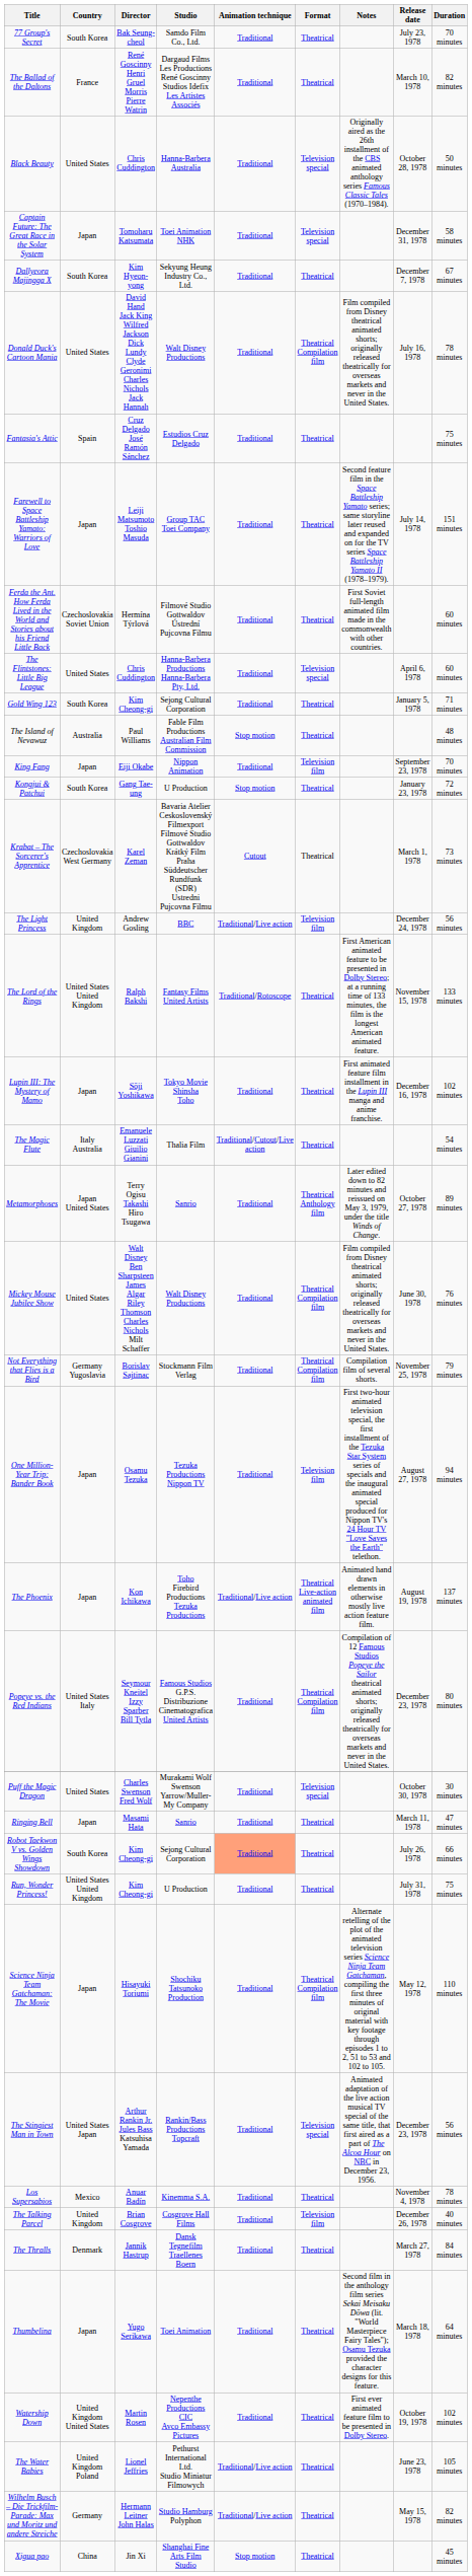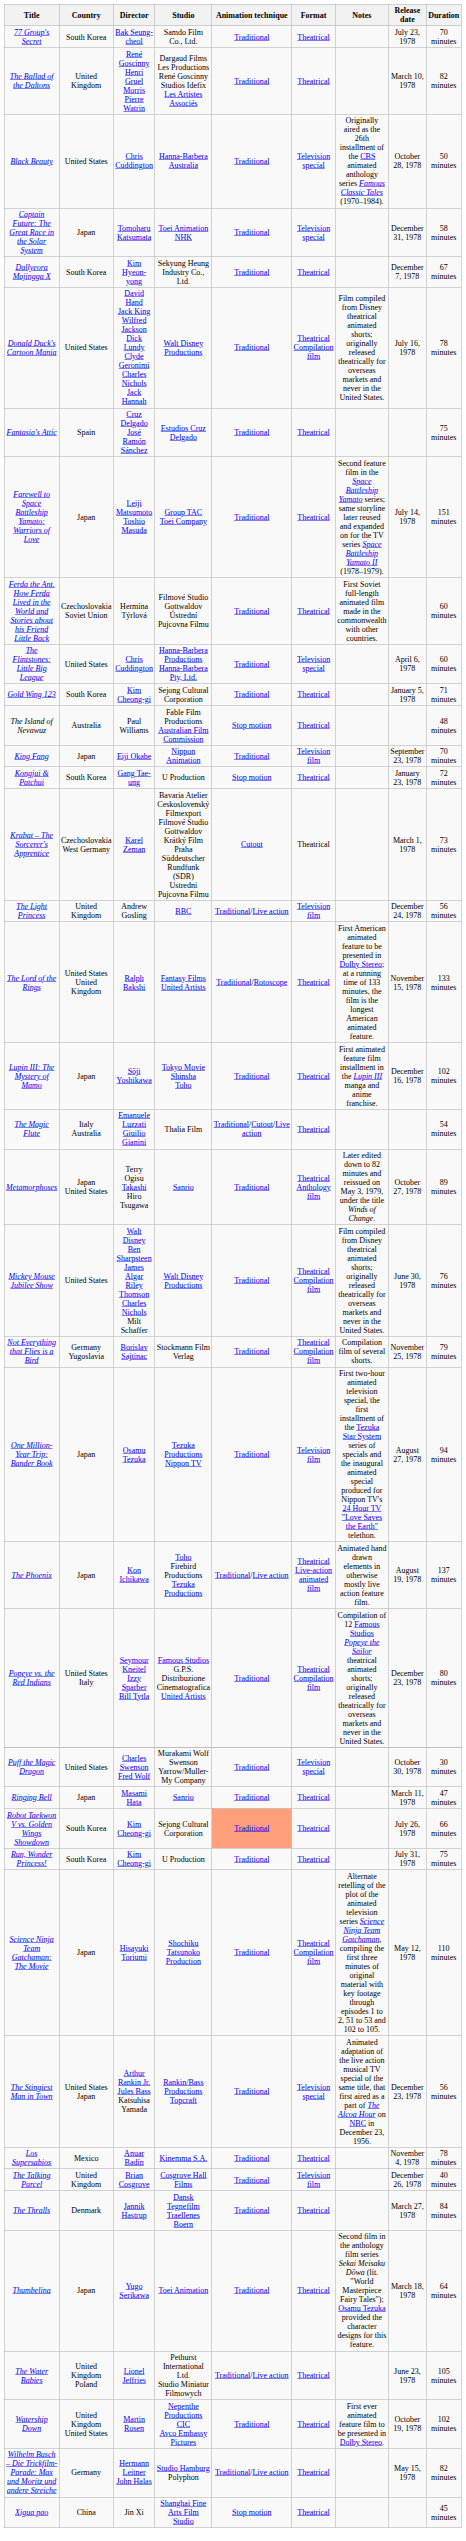 <table class="wikitable sortable" style="text-align:center; margin=auto; ">
 <tr>
 <th scope="col">Title</th>
 <th scope="col">Country</th>
 <th scope="col">Director</th>
 <th scope="col">Studio</th>
 <th scope="col">Animation technique</th>
 <th scope="col">Format</th>
 <th>Notes</th>
 <th>Release date</th>
 <th>Duration</th>
 </tr>
 <tr>
 <td><em><a href='#'>77 Group's Secret</a></em> <br> </td>
 <td>South Korea</td>
 <td><a href='#'>Bak Seung-cheol</a></td>
 <td>Samdo Film Co., Ltd.</td>
 <td><a href='#'>Traditional</a></td>
 <td><a href='#'>Theatrical</a></td>
 <td></td>
 <td>July 23, 1978</td>
 <td>70 minutes</td>
 </tr>
 <tr>
 <td><em><a href='#'>The Ballad of the Daltons</a></em> <br> </td>
-<td>France</td>
+<td>United Kingdom</td>
 <td><a href='#'>René Goscinny</a> <br> <a href='#'>Henri Gruel</a> <br> <a href='#'>Morris</a> <br> <a href='#'>Pierre Watrin</a></td>
 <td>Dargaud Films <br> Les Productions René Goscinny <br> Studios Idefix <br> <a href='#'>Les Artistes Associés</a> </td>
 <td><a href='#'>Traditional</a></td>
 <td><a href='#'>Theatrical</a></td>
 <td></td>
 <td>March 10, 1978</td>
 <td>82 minutes</td>
 </tr>
 <tr>
 <td><em><a href='#'>Black Beauty</a></em></td>
 <td>United States</td>
 <td><a href='#'>Chris Cuddington</a></td>
 <td><a href='#'>Hanna-Barbera Australia</a></td>
 <td><a href='#'>Traditional</a></td>
 <td><a href='#'>Television special</a></td>
 <td>Originally aired as the 26th installment of the <a href='#'>CBS</a> animated anthology series <em><a href='#'>Famous Classic Tales</a></em> (1970–1984).</td>
 <td>October 28, 1978</td>
 <td>50 minutes</td>
 </tr>
 <tr>
 <td><em><a href='#'>Captain Future: The Great Race in the Solar System</a></em> <br> </td>
 <td>Japan</td>
 <td><a href='#'>Tomoharu Katsumata</a></td>
 <td><a href='#'>Toei Animation</a> <br> <a href='#'>NHK</a> </td>
 <td><a href='#'>Traditional</a></td>
 <td><a href='#'>Television special</a></td>
 <td></td>
 <td>December 31, 1978</td>
 <td>58 minutes</td>
 </tr>
 <tr>
 <td><em><a href='#'>Dallyeora Majingga X</a></em> <br> </td>
 <td>South Korea</td>
 <td><a href='#'>Kim Hyeon-yong</a></td>
 <td>Sekyung Heung Industry Co., Ltd.</td>
 <td><a href='#'>Traditional</a></td>
 <td><a href='#'>Theatrical</a></td>
 <td></td>
 <td>December 7, 1978</td>
 <td>67 minutes</td>
 </tr>
 <tr>
 <td><em><a href='#'>Donald Duck's Cartoon Mania</a></em></td>
 <td>United States</td>
 <td><a href='#'>David Hand</a> <br> <a href='#'>Jack King</a> <br> <a href='#'>Wilfred Jackson</a> <br> <a href='#'>Dick Lundy</a> <br> <a href='#'>Clyde Geronimi</a> <br> <a href='#'>Charles Nichols</a> <br> <a href='#'>Jack Hannah</a></td>
 <td><a href='#'>Walt Disney Productions</a></td>
 <td><a href='#'>Traditional</a></td>
 <td><a href='#'>Theatrical</a> <br> <a href='#'>Compilation film</a></td>
 <td>Film compiled from Disney theatrical animated shorts; originally released theatrically for overseas markets and never in the United States.</td>
 <td>July 16, 1978</td>
 <td>78 minutes</td>
 </tr>
 <tr>
 <td><em><a href='#'>Fantasia's Attic</a></em> <br> </td>
 <td>Spain</td>
 <td><a href='#'>Cruz Delgado</a> <br> <a href='#'>José Ramón Sánchez</a></td>
 <td><a href='#'>Estudios Cruz Delgado</a></td>
 <td><a href='#'>Traditional</a></td>
 <td><a href='#'>Theatrical</a></td>
 <td></td>
 <td></td>
 <td>75 minutes</td>
 </tr>
 <tr>
 <td><em><a href='#'>Farewell to Space Battleship Yamato: Warriors of Love</a></em> <br> </td>
 <td>Japan</td>
 <td><a href='#'>Leiji Matsumoto</a> <br> <a href='#'>Toshio Masuda</a></td>
 <td><a href='#'>Group TAC</a> <br> <a href='#'>Toei Company</a> </td>
 <td><a href='#'>Traditional</a></td>
 <td><a href='#'>Theatrical</a></td>
 <td>Second feature film in the <em><a href='#'>Space Battleship Yamato</a></em> series; same storyline later reused and expanded on for the TV series <em><a href='#'>Space Battleship Yamato II</a></em> (1978–1979).</td>
 <td>July 14, 1978</td>
 <td>151 minutes</td>
 </tr>
 <tr>
 <td><em><a href='#'>Ferda the Ant. How Ferda Lived in the World and Stories about his Friend Little Back</a></em> <br> </td>
 <td>Czechoslovakia <br> Soviet Union</td>
 <td>Hermína Týrlová</td>
 <td>Filmové Studio Gottwaldov <br> Ústrední Pujcovna Filmu </td>
 <td><a href='#'>Traditional</a></td>
 <td><a href='#'>Theatrical</a></td>
 <td>First Soviet full-length animated film made in the commonwealth with other countries.</td>
 <td></td>
 <td>60 minutes</td>
 </tr>
 <tr>
 <td><em><a href='#'>The Flintstones: Little Big League</a></em></td>
 <td>United States</td>
 <td><a href='#'>Chris Cuddington</a></td>
 <td><a href='#'>Hanna-Barbera Productions</a> <br> <a href='#'>Hanna-Barbera Pty, Ltd.</a></td>
 <td><a href='#'>Traditional</a></td>
 <td><a href='#'>Television special</a></td>
 <td></td>
 <td>April 6, 1978</td>
 <td>60 minutes</td>
 </tr>
 <tr>
 <td><em><a href='#'>Gold Wing 123</a></em> <br> </td>
 <td>South Korea</td>
 <td><a href='#'>Kim Cheong-gi</a></td>
 <td>Sejong Cultural Corporation</td>
 <td><a href='#'>Traditional</a></td>
 <td><a href='#'>Theatrical</a></td>
 <td></td>
 <td>January 5, 1978</td>
 <td>71 minutes</td>
 </tr>
 <tr>
 <td><em>The Island of Nevawuz</em></td>
 <td>Australia</td>
 <td>Paul Williams</td>
 <td>Fable Film Productions <br> <a href='#'>Australian Film Commission</a></td>
 <td><a href='#'>Stop motion</a></td>
 <td><a href='#'>Theatrical</a></td>
 <td></td>
 <td></td>
 <td>48 minutes</td>
 </tr>
 <tr>
 <td><em><a href='#'>King Fang</a></em> <br> </td>
 <td>Japan</td>
 <td><a href='#'>Eiji Okabe</a></td>
 <td><a href='#'>Nippon Animation</a></td>
 <td><a href='#'>Traditional</a></td>
 <td><a href='#'>Television film</a></td>
 <td></td>
 <td>September 23, 1978</td>
 <td>70 minutes</td>
 </tr>
 <tr>
 <td><em><a href='#'>Kongjui & Patchui</a></em> <br> </td>
 <td>South Korea</td>
 <td><a href='#'>Gang Tae-ung</a></td>
 <td>U Production</td>
 <td><a href='#'>Stop motion</a></td>
 <td><a href='#'>Theatrical</a></td>
 <td></td>
 <td>January 23, 1978</td>
 <td>72 minutes</td>
 </tr>
 <tr>
 <td><em><a href='#'>Krabat – The Sorcerer's Apprentice</a></em> <br> </td>
 <td>Czechoslovakia <br> West Germany</td>
 <td><a href='#'>Karel Zeman</a></td>
 <td>Bavaria Atelier <br> Ceskoslovenský Filmexport <br> Filmové Studio Gottwaldov <br> Krátký Film Praha <br> Süddeutscher Rundfunk (SDR) <br> Ustredni Pujcovna Filmu</td>
 <td><a href='#'>Cutout</a></td>
 <td>Theatrical</td>
 <td></td>
 <td>March 1, 1978</td>
 <td>73 minutes</td>
 </tr>
 <tr>
 <td><em><a href='#'>The Light Princess</a></em></td>
 <td>United Kingdom</td>
 <td>Andrew Gosling</td>
 <td><a href='#'>BBC</a></td>
 <td><a href='#'>Traditional</a>/<a href='#'>Live action</a></td>
 <td><a href='#'>Television film</a></td>
 <td></td>
 <td>December 24, 1978</td>
 <td>56 minutes</td>
 </tr>
 <tr>
 <td><em><a href='#'>The Lord of the Rings</a></em></td>
 <td>United States <br> United Kingdom</td>
 <td><a href='#'>Ralph Bakshi</a></td>
 <td><a href='#'>Fantasy Films</a> <br> <a href='#'>United Artists</a></td>
 <td><a href='#'>Traditional</a>/<a href='#'>Rotoscope</a></td>
 <td><a href='#'>Theatrical</a></td>
 <td>First American animated feature to be presented in <a href='#'>Dolby Stereo</a>; at a running time of 133 minutes, the film is the longest American animated feature.</td>
 <td>November 15, 1978</td>
 <td>133 minutes</td>
 </tr>
 <tr>
 <td><em><a href='#'>Lupin III: The Mystery of Mamo</a></em> <br> </td>
 <td>Japan</td>
 <td><a href='#'>Sōji Yoshikawa</a></td>
 <td><a href='#'>Tokyo Movie Shinsha</a> <br> <a href='#'>Toho</a> </td>
 <td><a href='#'>Traditional</a></td>
 <td><a href='#'>Theatrical</a></td>
 <td>First animated feature film installment in the <em><a href='#'>Lupin III</a></em> manga and anime franchise.</td>
 <td>December 16, 1978</td>
 <td>102 minutes</td>
 </tr>
 <tr>
 <td><em><a href='#'>The Magic Flute</a></em> <br> </td>
 <td>Italy <br> Australia</td>
 <td><a href='#'>Emanuele Luzzati</a> <br> <a href='#'>Giuilio Gianini</a></td>
 <td>Thalia Film</td>
 <td><a href='#'>Traditional</a>/<a href='#'>Cutout</a>/<a href='#'>Live action</a></td>
 <td><a href='#'>Theatrical</a></td>
 <td></td>
 <td></td>
 <td>54 minutes</td>
 </tr>
 <tr>
 <td><em><a href='#'>Metamorphoses</a></em> <br> </td>
 <td>Japan <br> United States</td>
 <td>Terry Ogisu <br> <a href='#'>Takashi</a> <br> Hiro Tsugawa</td>
 <td><a href='#'>Sanrio</a></td>
 <td><a href='#'>Traditional</a></td>
 <td><a href='#'>Theatrical</a> <br> <a href='#'>Anthology film</a></td>
 <td>Later edited down to 82 minutes and reissued on May 3, 1979, under the title <em>Winds of Change</em>.</td>
 <td>October 27, 1978</td>
 <td>89 minutes</td>
 </tr>
 <tr>
 <td><em><a href='#'>Mickey Mouse Jubilee Show</a></em></td>
 <td>United States</td>
 <td><a href='#'>Walt Disney</a> <br> <a href='#'>Ben Sharpsteen</a> <br> <a href='#'>James Algar</a> <br> <a href='#'>Riley Thomson</a> <br> <a href='#'>Charles Nichols</a> <br> Milt Schaffer</td>
 <td><a href='#'>Walt Disney Productions</a></td>
 <td><a href='#'>Traditional</a></td>
 <td><a href='#'>Theatrical</a> <br> <a href='#'>Compilation film</a></td>
 <td>Film compiled from Disney theatrical animated shorts; originally released theatrically for overseas markets and never in the United States.</td>
 <td>June 30, 1978</td>
 <td>76 minutes</td>
 </tr>
 <tr>
 <td><em><a href='#'>Not Everything that Flies is a Bird</a></em> <br> </td>
 <td>Germany <br> Yugoslavia</td>
 <td><a href='#'>Borislav Sajtinac</a></td>
 <td>Stockmann Film Verlag</td>
 <td><a href='#'>Traditional</a></td>
 <td><a href='#'>Theatrical</a> <br> <a href='#'>Compilation film</a></td>
 <td>Compilation film of several shorts.</td>
 <td>November 25, 1978</td>
 <td>79 minutes</td>
 </tr>
 <tr>
 <td><em><a href='#'>One Million-Year Trip: Bander Book</a></em> <br> </td>
 <td>Japan</td>
 <td><a href='#'>Osamu Tezuka</a></td>
 <td><a href='#'>Tezuka Productions</a> <br> <a href='#'>Nippon TV</a> </td>
 <td><a href='#'>Traditional</a></td>
 <td><a href='#'>Television film</a></td>
 <td>First two-hour animated television special, the first installment of the <a href='#'>Tezuka Star System</a> series of specials and the inaugural animated special produced for Nippon TV's <a href='#'>24 Hour TV "Love Saves the Earth"</a> telethon.</td>
 <td>August 27, 1978</td>
 <td>94 minutes</td>
 </tr>
 <tr>
 <td><em><a href='#'>The Phoenix</a></em> <br> </td>
 <td>Japan</td>
 <td><a href='#'>Kon Ichikawa</a></td>
 <td><a href='#'>Toho</a>  <br> Firebird Productions <br> <a href='#'>Tezuka Productions</a></td>
 <td><a href='#'>Traditional</a>/<a href='#'>Live action</a></td>
 <td><a href='#'>Theatrical</a> <br> <a href='#'>Live-action animated film</a></td>
 <td>Animated hand drawn elements in otherwise mostly live action feature film.</td>
 <td>August 19, 1978</td>
 <td>137 minutes</td>
 </tr>
 <tr>
 <td><em><a href='#'>Popeye vs. the Red Indians</a></em> </td>
 <td>United States <br> Italy</td>
 <td><a href='#'>Seymour Kneitel</a> <br> <a href='#'>Izzy Sparber</a> <br> <a href='#'>Bill Tytla</a></td>
 <td><a href='#'>Famous Studios</a>  <br> G.P.S. Distribuzione Cinematografica <br> <a href='#'>United Artists</a> </td>
 <td><a href='#'>Traditional</a></td>
 <td><a href='#'>Theatrical</a> <br> <a href='#'>Compilation film</a></td>
 <td>Compilation of 12 <a href='#'>Famous Studios <em>Popeye the Sailor</em></a> theatrical animated shorts; originally released theatrically for overseas markets and never in the United States.</td>
 <td>December 23, 1978</td>
 <td>80 minutes</td>
 </tr>
 <tr>
 </tr>
 <tr>
 <td><em><a href='#'>Puff the Magic Dragon</a></em></td>
 <td>United States</td>
 <td><a href='#'>Charles Swenson</a> <br> <a href='#'>Fred Wolf</a></td>
 <td>Murakami Wolf Swenson <br> Yarrow/Muller-My Company</td>
 <td><a href='#'>Traditional</a></td>
 <td><a href='#'>Television special</a></td>
 <td></td>
 <td>October 30, 1978</td>
 <td>30 minutes</td>
 </tr>
 <tr>
 <td><em><a href='#'>Ringing Bell</a></em> <br> </td>
 <td>Japan</td>
 <td><a href='#'>Masami Hata</a></td>
 <td><a href='#'>Sanrio</a></td>
 <td><a href='#'>Traditional</a></td>
 <td><a href='#'>Theatrical</a></td>
 <td></td>
 <td>March 11, 1978</td>
 <td>47 minutes</td>
 </tr>
 <tr>
 <td><em><a href='#'>Robot Taekwon V vs. Golden Wings Showdown</a></em> <br> </td>
 <td>South Korea</td>
 <td><a href='#'>Kim Cheong-gi</a></td>
 <td>Sejong Cultural Corporation</td>
 <td style="background: lightsalmon;"><a href='#'>Traditional</a></td>
 <td><a href='#'>Theatrical</a></td>
 <td></td>
 <td>July 26, 1978</td>
 <td>66 minutes</td>
 </tr>
 <tr>
 <td><em><a href='#'>Run, Wonder Princess!</a></em> <br> </td>
-<td>United States <br> United Kingdom</td>
+<td>South Korea</td>
 <td><a href='#'>Kim Cheong-gi</a></td>
 <td>U Production</td>
 <td><a href='#'>Traditional</a></td>
 <td><a href='#'>Theatrical</a></td>
 <td></td>
 <td>July 31, 1978</td>
 <td>75 minutes</td>
 </tr>
 <tr>
 <td><em><a href='#'>Science Ninja Team Gatchaman: The Movie</a></em> <br> </td>
 <td>Japan</td>
 <td><a href='#'>Hisayuki Toriumi</a></td>
 <td><a href='#'>Shochiku</a>  <br> <a href='#'>Tatsunoko Production</a></td>
 <td><a href='#'>Traditional</a></td>
 <td><a href='#'>Theatrical</a> <br> <a href='#'>Compilation film</a></td>
 <td>Alternate retelling of the plot of the animated television series <em><a href='#'>Science Ninja Team Gatchaman</a></em>, compiling the first three minutes of original material with key footage through episodes 1 to 2, 51 to 53 and 102 to 105.</td>
 <td>May 12, 1978</td>
 <td>110 minutes</td>
 </tr>
 <tr>
 <td><em><a href='#'>The Stingiest Man in Town</a></em> <br> </td>
 <td>United States <br> Japan</td>
 <td><a href='#'>Arthur Rankin Jr.</a> <br> <a href='#'>Jules Bass</a> <br> Katsuhisa Yamada</td>
 <td><a href='#'>Rankin/Bass Productions</a> <br> <a href='#'>Topcraft</a></td>
 <td><a href='#'>Traditional</a></td>
 <td><a href='#'>Television special</a></td>
 <td>Animated adaptation of the live action musical TV special of the same title, that first aired as a part of <em><a href='#'>The Alcoa Hour</a></em> on <a href='#'>NBC</a> in December 23, 1956.</td>
 <td>December 23, 1978</td>
 <td>56 minutes</td>
 </tr>
 <tr>
 <td><em><a href='#'>Los Supersabios</a></em></td>
 <td>Mexico</td>
 <td><a href='#'>Anuar Badín</a></td>
 <td><a href='#'>Kinemma S.A.</a></td>
 <td><a href='#'>Traditional</a></td>
 <td><a href='#'>Theatrical</a></td>
 <td></td>
 <td>November 4, 1978</td>
 <td>78 minutes</td>
 </tr>
 <tr>
 <td><em><a href='#'>The Talking Parcel</a></em></td>
 <td>United Kingdom</td>
 <td><a href='#'>Brian Cosgrove</a></td>
 <td><a href='#'>Cosgrove Hall Films</a></td>
 <td><a href='#'>Traditional</a></td>
 <td><a href='#'>Television film</a></td>
 <td></td>
 <td>December 26, 1978</td>
 <td>40 minutes</td>
 </tr>
 <tr>
 <td><em><a href='#'>The Thralls</a></em> <br> </td>
 <td>Denmark</td>
 <td><a href='#'>Jannik Hastrup</a></td>
 <td><a href='#'>Dansk Tegnefilm</a> <br> <a href='#'>Traellenes Boern</a></td>
 <td><a href='#'>Traditional</a></td>
 <td><a href='#'>Theatrical</a></td>
 <td></td>
 <td>March 27, 1978</td>
 <td>84 minutes</td>
 </tr>
 <tr>
 <td><em><a href='#'>Thumbelina</a></em> <br> </td>
 <td>Japan</td>
 <td><a href='#'>Yugo Serikawa</a></td>
 <td><a href='#'>Toei Animation</a></td>
 <td><a href='#'>Traditional</a></td>
 <td><a href='#'>Theatrical</a></td>
 <td>Second film in the anthology film series <em>Sekai Meisaku Dōwa</em> (lit. "World Masterpiece Fairy Tales"); <a href='#'>Osamu Tezuka</a> provided the character designs for this feature.</td>
 <td>March 18, 1978</td>
 <td>64 minutes</td>
 </tr>
 <tr>
+<td><em><a href='#'>The Water Babies</a></em></td>
+<td>United Kingdom <br> Poland</td>
+<td><a href='#'>Lionel Jeffries</a></td>
+<td>Pethurst International Ltd.  <br> Studio Miniatur Filmowych</td>
+<td><a href='#'>Traditional</a>/<a href='#'>Live action</a></td>
+<td><a href='#'>Theatrical</a></td>
+<td></td>
+<td>June 23, 1978</td>
+<td>105 minutes</td>
+</tr>
+<tr>
 <td><em><a href='#'>Watership Down</a></em></td>
 <td>United Kingdom <br> United States</td>
 <td><a href='#'>Martin Rosen</a></td>
 <td><a href='#'>Nepenthe Productions</a> <br> <a href='#'>CIC</a>  <br> <a href='#'>Avco Embassy Pictures</a> </td>
 <td><a href='#'>Traditional</a></td>
 <td><a href='#'>Theatrical</a></td>
 <td>First ever animated feature film to be presented in <a href='#'>Dolby Stereo</a>.</td>
 <td>October 19, 1978</td>
 <td>102 minutes</td>
-</tr>
-<tr>
-<td><em><a href='#'>The Water Babies</a></em></td>
-<td>United Kingdom <br> Poland</td>
-<td><a href='#'>Lionel Jeffries</a></td>
-<td>Pethurst International Ltd.  <br> Studio Miniatur Filmowych</td>
-<td><a href='#'>Traditional</a>/<a href='#'>Live action</a></td>
-<td><a href='#'>Theatrical</a></td>
-<td></td>
-<td>June 23, 1978</td>
-<td>105 minutes</td>
 </tr>
 <tr>
 <td><em><a href='#'>Wilhelm Busch – Die Trickfilm-Parade: Max und Moritz und andere Streiche</a></em></td>
 <td>Germany</td>
 <td><a href='#'>Hermann Leitner</a> <br> <a href='#'>John Halas</a></td>
 <td><a href='#'>Studio Hamburg</a> <br> Polyphon</td>
 <td><a href='#'>Traditional</a>/<a href='#'>Live action</a></td>
 <td><a href='#'>Theatrical</a></td>
 <td></td>
 <td>May 15, 1978</td>
 <td>82 minutes</td>
 </tr>
 <tr>
 <td><em><a href='#'>Xigua pao</a></em> <br> </td>
 <td>China</td>
 <td>Jin Xi</td>
 <td><a href='#'>Shanghai Fine Arts Film Studio</a></td>
 <td><a href='#'>Stop motion</a></td>
 <td><a href='#'>Theatrical</a></td>
 <td></td>
 <td></td>
 <td>45 minutes</td>
 </tr>
 </table>
